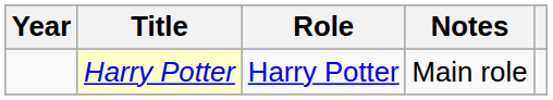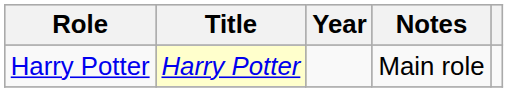 <table class="wikitable sortable">
 <tr>
+<th>Role</th>
+<th>Title</th>
 <th>Year</th>
-<th>Title</th>
-<th>Role</th>
 <th class="unsortable">Notes</th>
 <th class="unsortable"></th>
 </tr>
 <tr>
+<td><a href='#'>Harry Potter</a></td>
+<td style="background:#FFFFCC;"><em><a href='#'>Harry Potter</a></em> </td>
 <td></td>
-<td style="background:#FFFFCC;"><em><a href='#'>Harry Potter</a></em> </td>
-<td><a href='#'>Harry Potter</a></td>
 <td>Main role</td>
 <td style="text-align:center;"></td>
 </tr>
 </table>
